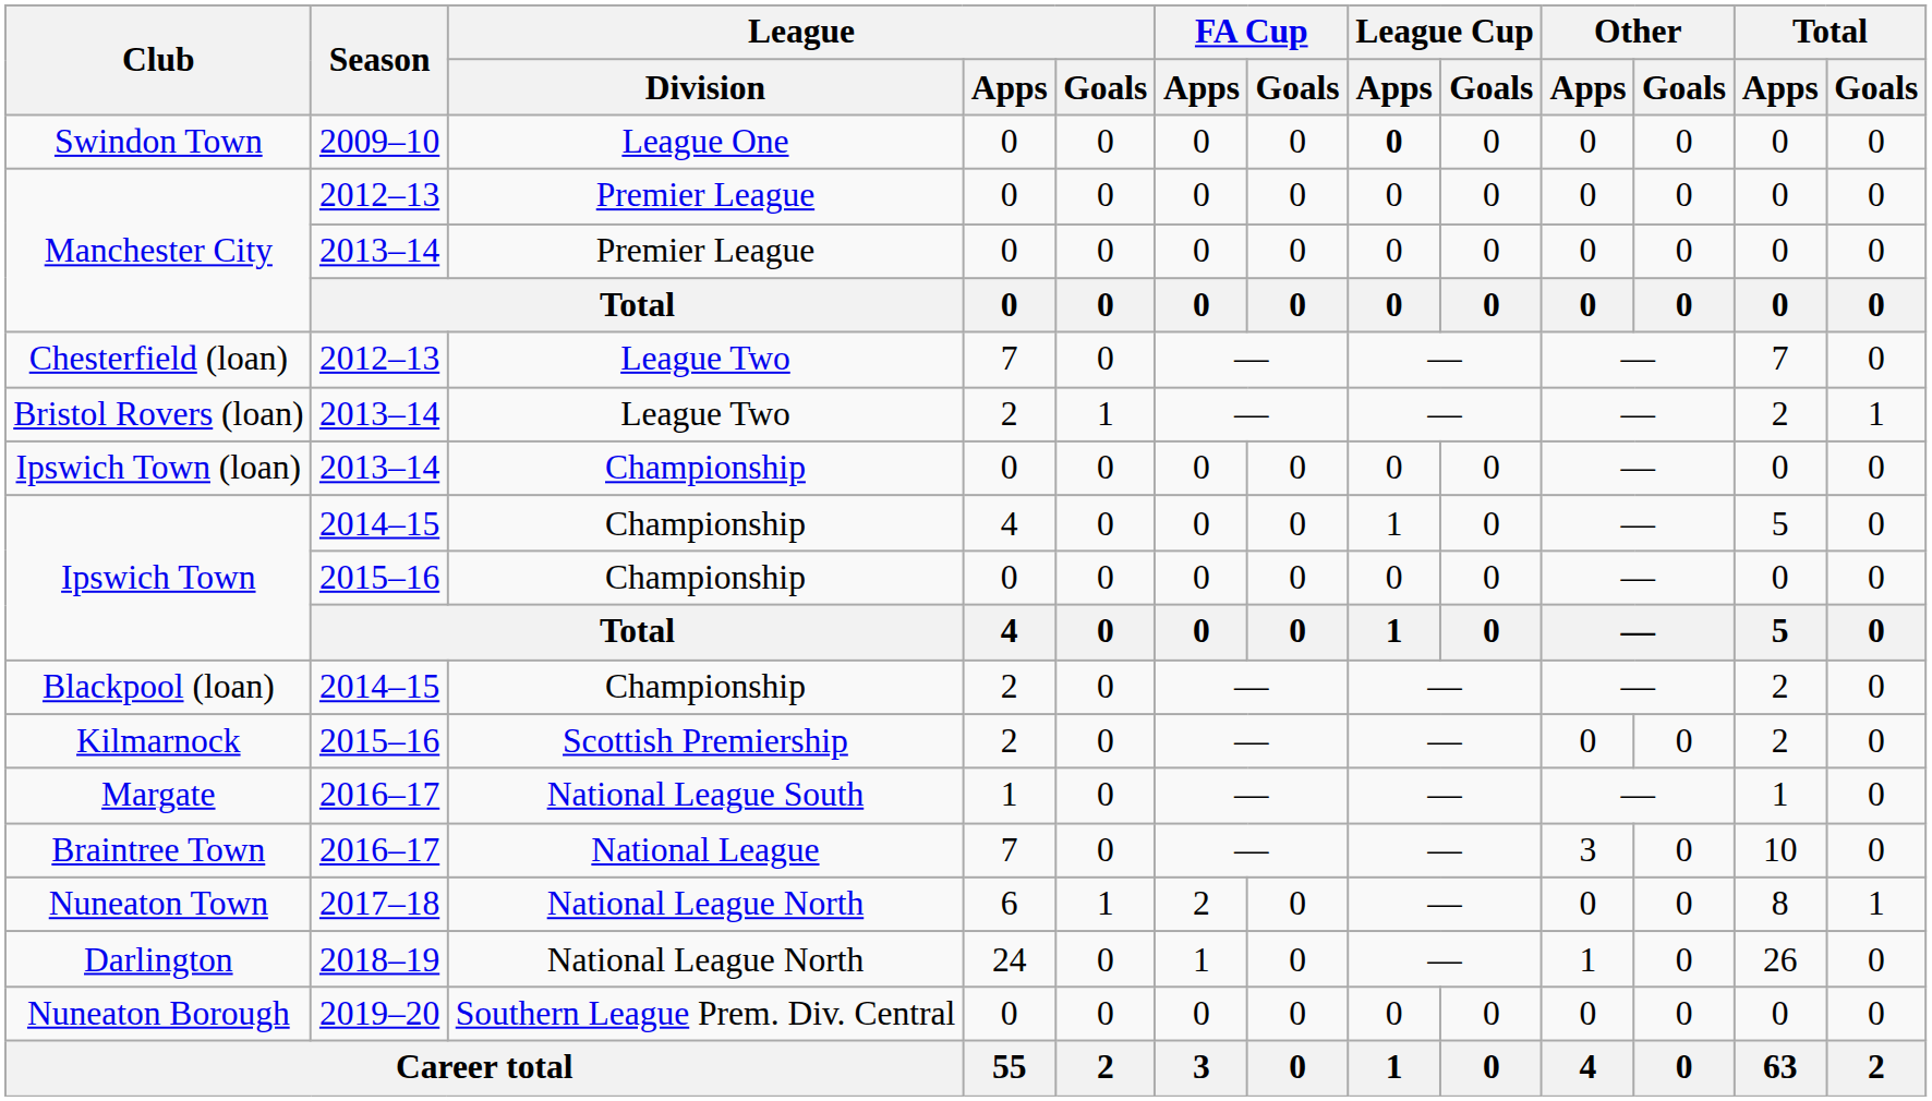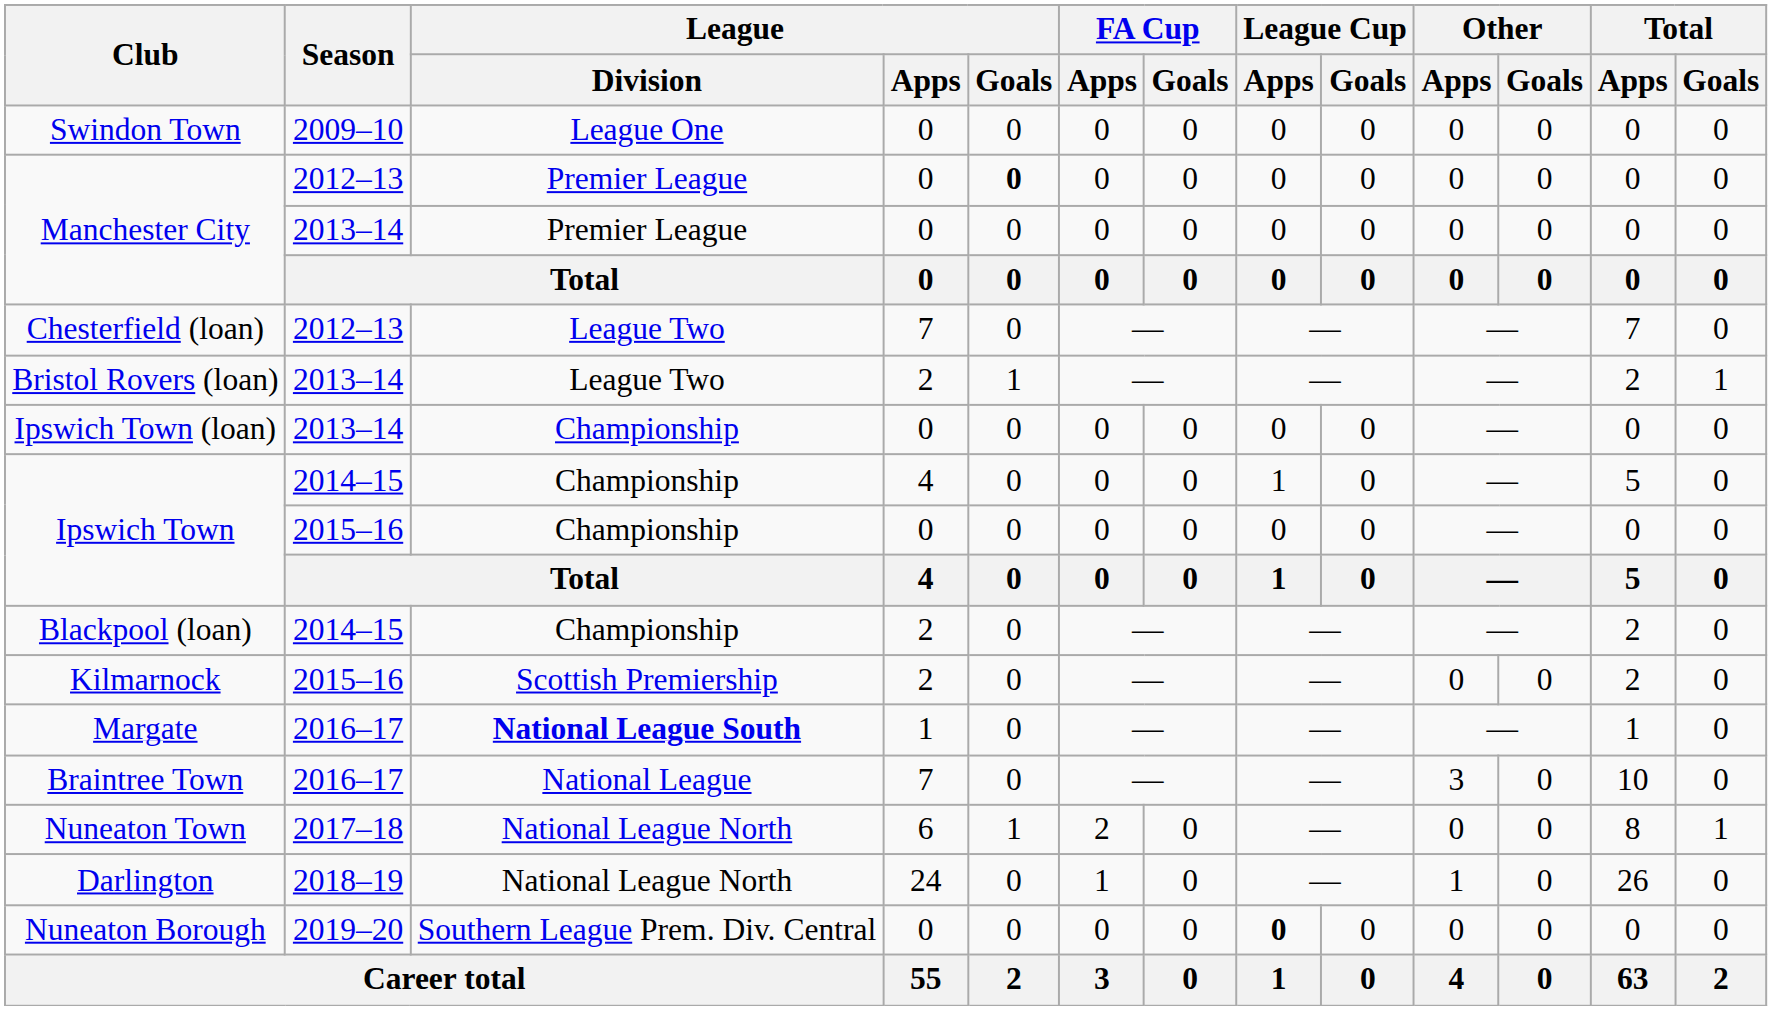 <table class=wikitable style=text-align:center>
 <tr>
 <th rowspan=2>Club</th>
 <th rowspan=2>Season</th>
 <th colspan=3>League</th>
 <th colspan=2><a href='#'>FA Cup</a></th>
 <th colspan=2>League Cup</th>
 <th colspan=2>Other</th>
 <th colspan=2>Total</th>
 </tr>
 <tr>
 <th>Division</th>
 <th>Apps</th>
 <th>Goals</th>
 <th>Apps</th>
 <th>Goals</th>
 <th>Apps</th>
 <th>Goals</th>
 <th>Apps</th>
 <th>Goals</th>
 <th>Apps</th>
 <th>Goals</th>
 </tr>
 <tr>
 <td><a href='#'>Swindon Town</a></td>
 <td><a href='#'>2009–10</a></td>
 <td><a href='#'>League One</a></td>
 <td>0</td>
 <td>0</td>
 <td>0</td>
 <td>0</td>
-<td><strong>0</strong></td>
+<td>0</td>
 <td>0</td>
 <td>0</td>
 <td>0</td>
 <td>0</td>
 <td>0</td>
 </tr>
 <tr>
 <td rowspan=3><a href='#'>Manchester City</a></td>
 <td><a href='#'>2012–13</a></td>
 <td><a href='#'>Premier League</a></td>
 <td>0</td>
-<td>0</td>
+<td><strong>0</strong></td>
 <td>0</td>
 <td>0</td>
 <td>0</td>
 <td>0</td>
 <td>0</td>
 <td>0</td>
 <td>0</td>
 <td>0</td>
 </tr>
 <tr>
 <td><a href='#'>2013–14</a></td>
 <td>Premier League</td>
 <td>0</td>
 <td>0</td>
 <td>0</td>
 <td>0</td>
 <td>0</td>
 <td>0</td>
 <td>0</td>
 <td>0</td>
 <td>0</td>
 <td>0</td>
 </tr>
 <tr>
 <th colspan=2>Total</th>
 <th>0</th>
 <th>0</th>
 <th>0</th>
 <th>0</th>
 <th>0</th>
 <th>0</th>
 <th>0</th>
 <th>0</th>
 <th>0</th>
 <th>0</th>
 </tr>
 <tr>
 <td><a href='#'>Chesterfield</a> (loan)</td>
 <td><a href='#'>2012–13</a></td>
 <td><a href='#'>League Two</a></td>
 <td>7</td>
 <td>0</td>
 <td colspan=2>—</td>
 <td colspan=2>—</td>
 <td colspan=2>—</td>
 <td>7</td>
 <td>0</td>
 </tr>
 <tr>
 <td><a href='#'>Bristol Rovers</a> (loan)</td>
 <td><a href='#'>2013–14</a></td>
 <td>League Two</td>
 <td>2</td>
 <td>1</td>
 <td colspan=2>—</td>
 <td colspan=2>—</td>
 <td colspan=2>—</td>
 <td>2</td>
 <td>1</td>
 </tr>
 <tr>
 <td><a href='#'>Ipswich Town</a> (loan)</td>
 <td><a href='#'>2013–14</a></td>
 <td><a href='#'>Championship</a></td>
 <td>0</td>
 <td>0</td>
 <td>0</td>
 <td>0</td>
 <td>0</td>
 <td>0</td>
 <td colspan=2>—</td>
 <td>0</td>
 <td>0</td>
 </tr>
 <tr>
 <td rowspan=3><a href='#'>Ipswich Town</a></td>
 <td><a href='#'>2014–15</a></td>
 <td>Championship</td>
 <td>4</td>
 <td>0</td>
 <td>0</td>
 <td>0</td>
 <td>1</td>
 <td>0</td>
 <td colspan=2>—</td>
 <td>5</td>
 <td>0</td>
 </tr>
 <tr>
 <td><a href='#'>2015–16</a></td>
 <td>Championship</td>
 <td>0</td>
 <td>0</td>
 <td>0</td>
 <td>0</td>
 <td>0</td>
 <td>0</td>
 <td colspan=2>—</td>
 <td>0</td>
 <td>0</td>
 </tr>
 <tr>
 <th colspan=2>Total</th>
 <th>4</th>
 <th>0</th>
 <th>0</th>
 <th>0</th>
 <th>1</th>
 <th>0</th>
 <th colspan=2>—</th>
 <th>5</th>
 <th>0</th>
 </tr>
 <tr>
 <td><a href='#'>Blackpool</a> (loan)</td>
 <td><a href='#'>2014–15</a></td>
 <td>Championship</td>
 <td>2</td>
 <td>0</td>
 <td colspan=2>—</td>
 <td colspan=2>—</td>
 <td colspan=2>—</td>
 <td>2</td>
 <td>0</td>
 </tr>
 <tr>
 <td><a href='#'>Kilmarnock</a></td>
 <td><a href='#'>2015–16</a></td>
 <td><a href='#'>Scottish Premiership</a></td>
 <td>2</td>
 <td>0</td>
 <td colspan=2>—</td>
 <td colspan=2>—</td>
 <td>0</td>
 <td>0</td>
 <td>2</td>
 <td>0</td>
 </tr>
 <tr>
 <td><a href='#'>Margate</a></td>
 <td><a href='#'>2016–17</a></td>
-<td><a href='#'>National League South</a></td>
+<td><strong><a href='#'>National League South</a></strong></td>
 <td>1</td>
 <td>0</td>
 <td colspan=2>—</td>
 <td colspan=2>—</td>
 <td colspan=2>—</td>
 <td>1</td>
 <td>0</td>
 </tr>
 <tr>
 <td><a href='#'>Braintree Town</a></td>
 <td><a href='#'>2016–17</a></td>
 <td><a href='#'>National League</a></td>
 <td>7</td>
 <td>0</td>
 <td colspan=2>—</td>
 <td colspan=2>—</td>
 <td>3</td>
 <td>0</td>
 <td>10</td>
 <td>0</td>
 </tr>
 <tr>
 <td><a href='#'>Nuneaton Town</a></td>
 <td><a href='#'>2017–18</a></td>
 <td><a href='#'>National League North</a></td>
 <td>6</td>
 <td>1</td>
 <td>2</td>
 <td>0</td>
 <td colspan=2>—</td>
 <td>0</td>
 <td>0</td>
 <td>8</td>
 <td>1</td>
 </tr>
 <tr>
 <td><a href='#'>Darlington</a></td>
 <td><a href='#'>2018–19</a></td>
 <td>National League North</td>
 <td>24</td>
 <td>0</td>
 <td>1</td>
 <td>0</td>
 <td colspan=2>—</td>
 <td>1</td>
 <td>0</td>
 <td>26</td>
 <td>0</td>
 </tr>
 <tr>
 <td><a href='#'>Nuneaton Borough</a></td>
 <td><a href='#'>2019–20</a></td>
 <td><a href='#'>Southern League</a> Prem. Div. Central</td>
 <td>0</td>
 <td>0</td>
 <td>0</td>
 <td>0</td>
-<td>0</td>
+<td><strong>0</strong></td>
 <td>0</td>
 <td>0</td>
 <td>0</td>
 <td>0</td>
 <td>0</td>
 </tr>
 <tr>
 <th colspan=3>Career total</th>
 <th>55</th>
 <th>2</th>
 <th>3</th>
 <th>0</th>
 <th>1</th>
 <th>0</th>
 <th>4</th>
 <th>0</th>
 <th>63</th>
 <th>2</th>
 </tr>
 </table>
